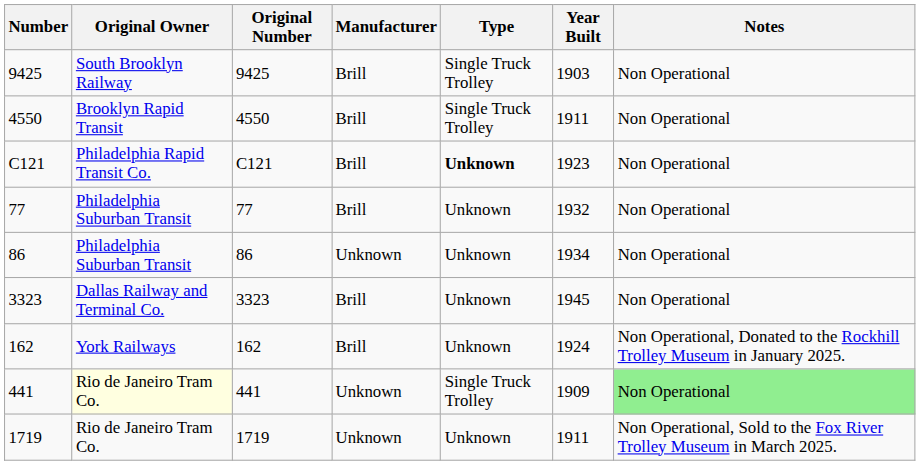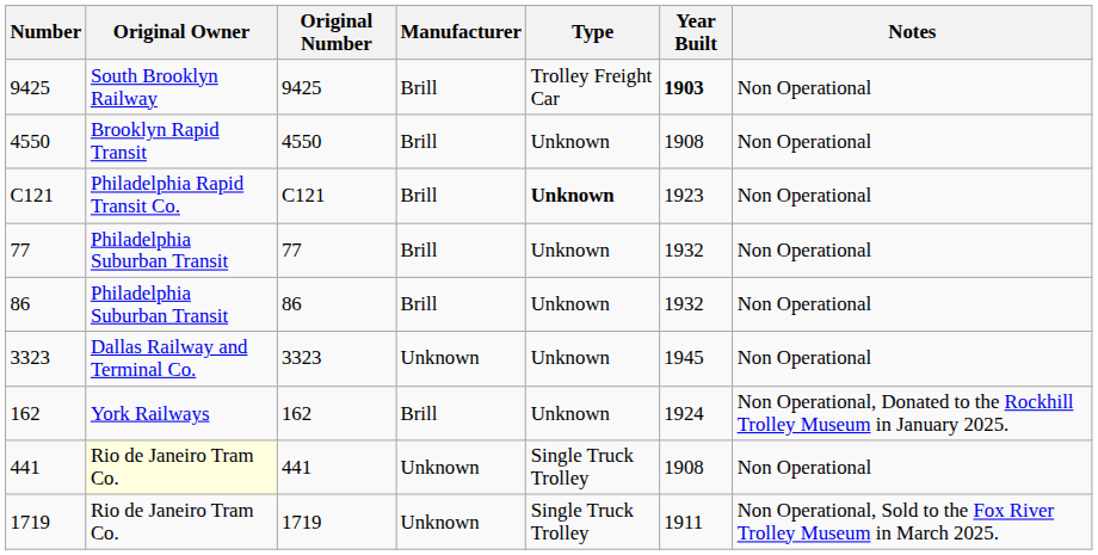 <table class="wikitable">
 <tr>
 <th>Number</th>
 <th>Original Owner</th>
 <th>Original Number</th>
 <th>Manufacturer</th>
 <th>Type</th>
 <th>Year Built</th>
 <th>Notes</th>
 </tr>
 <tr>
 <td>9425</td>
 <td><a href='#'>South Brooklyn Railway</a></td>
 <td>9425</td>
 <td>Brill</td>
-<td>Single Truck Trolley</td>
-<td>1903</td>
+<td>Trolley Freight Car</td>
+<td><strong>1903</strong></td>
 <td>Non Operational</td>
 </tr>
 <tr>
 <td>4550</td>
 <td><a href='#'>Brooklyn Rapid Transit</a></td>
 <td>4550</td>
 <td>Brill</td>
-<td>Single Truck Trolley</td>
-<td>1911</td>
+<td>Unknown</td>
+<td>1908</td>
 <td>Non Operational</td>
 </tr>
 <tr>
 <td>C121</td>
 <td><a href='#'>Philadelphia Rapid Transit Co.</a></td>
 <td>C121</td>
 <td>Brill</td>
 <td><strong>Unknown</strong></td>
 <td>1923</td>
 <td>Non Operational</td>
 </tr>
 <tr>
 <td>77</td>
 <td><a href='#'>Philadelphia Suburban Transit</a></td>
 <td>77</td>
 <td>Brill</td>
 <td>Unknown</td>
 <td>1932</td>
 <td>Non Operational</td>
 </tr>
 <tr>
 <td>86</td>
 <td><a href='#'>Philadelphia Suburban Transit</a></td>
 <td>86</td>
+<td>Brill</td>
 <td>Unknown</td>
-<td>Unknown</td>
-<td>1934</td>
+<td>1932</td>
 <td>Non Operational</td>
 </tr>
 <tr>
 <td>3323</td>
 <td><a href='#'>Dallas Railway and Terminal Co.</a></td>
 <td>3323</td>
-<td>Brill</td>
+<td>Unknown</td>
 <td>Unknown</td>
 <td>1945</td>
 <td>Non Operational</td>
 </tr>
 <tr>
 <td>162</td>
 <td><a href='#'>York Railways</a></td>
 <td>162</td>
 <td>Brill</td>
 <td>Unknown</td>
 <td>1924</td>
 <td>Non Operational, Donated to the <a href='#'>Rockhill Trolley Museum</a> in January 2025.</td>
 </tr>
 <tr>
 <td>441</td>
 <td style="background: lightyellow;">Rio de Janeiro Tram Co.</td>
 <td>441</td>
 <td>Unknown</td>
 <td>Single Truck Trolley</td>
-<td>1909</td>
-<td style="background: lightgreen;">Non Operational</td>
+<td>1908</td>
+<td>Non Operational</td>
 </tr>
 <tr>
 <td>1719</td>
 <td>Rio de Janeiro Tram Co.</td>
 <td>1719</td>
 <td>Unknown</td>
-<td>Unknown</td>
+<td>Single Truck Trolley</td>
 <td>1911</td>
 <td>Non Operational, Sold to the <a href='#'>Fox River Trolley Museum</a> in March 2025.</td>
 </tr>
 </table>
